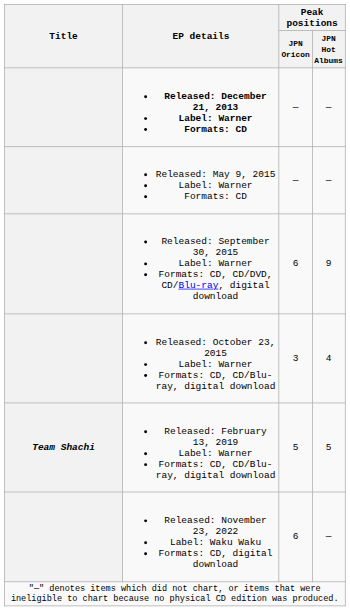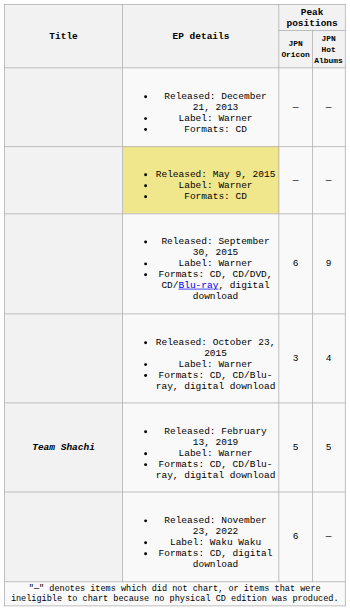 <table class="wikitable plainrowheaders" style="text-align:center;">
 <tr>
 <th style="width:12em;" rowspan="2">Title</th>
 <th style="width:16em;" rowspan="2">EP details</th>
 <th colspan="2">Peak positions</th>
 </tr>
 <tr>
 <th style="width:2.5em;"><small>JPN Oricon</small><br></th>
 <th style="width:2.5em;"><small>JPN Hot Albums</small><br></th>
 </tr>
 <tr>
 <th scope="row"></th>
-<td><strong><br><ul><li>Released: December 21, 2013</li><li>Label: Warner</li><li>Formats: CD</li></ul></strong></td>
+<td><br><ul><li>Released: December 21, 2013</li><li>Label: Warner</li><li>Formats: CD</li></ul></td>
 <td>—</td>
 <td>—</td>
 </tr>
 <tr>
 <th scope="row"></th>
-<td><br><ul><li>Released: May 9, 2015</li><li>Label: Warner</li><li>Formats: CD</li></ul></td>
+<td style="background: khaki;"><br><ul><li>Released: May 9, 2015</li><li>Label: Warner</li><li>Formats: CD</li></ul></td>
 <td>—</td>
 <td>—</td>
 </tr>
 <tr>
 <th scope="row"></th>
 <td><br><ul><li>Released: September 30, 2015</li><li>Label: Warner</li><li>Formats: CD, CD/DVD, CD/<a href='#'>Blu-ray</a>, digital download</li></ul></td>
 <td>6</td>
 <td>9</td>
 </tr>
 <tr>
 <th scope="row"></th>
 <td><br><ul><li>Released: October 23, 2015</li><li>Label: Warner</li><li>Formats: CD, CD/Blu-ray, digital download</li></ul></td>
 <td>3</td>
 <td>4</td>
 </tr>
 <tr>
 <th scope="row"><em>Team Shachi</em></th>
 <td><br><ul><li>Released: February 13, 2019</li><li>Label: Warner</li><li>Formats: CD, CD/Blu-ray, digital download</li></ul></td>
 <td>5</td>
 <td>5</td>
 </tr>
 <tr>
 <th scope="row"></th>
 <td><br><ul><li>Released: November 23, 2022</li><li>Label: Waku Waku</li><li>Formats: CD, digital download</li></ul></td>
 <td>6</td>
 <td>—</td>
 </tr>
 <tr>
 <td colspan="12" align="center" style="font-size:90%;">"—" denotes items which did not chart, or items that were ineligible to chart because no physical CD edition was produced.</td>
 </tr>
 </table>
